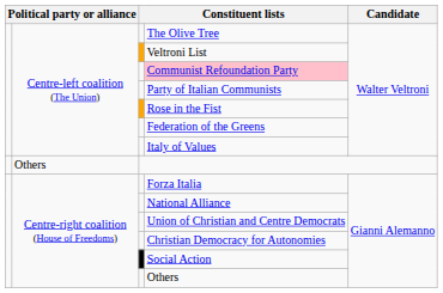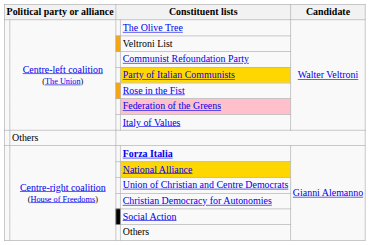 <table class=wikitable style="text-align:left">
 <tr>
 <th colspan=2>Political party or alliance</th>
 <th colspan=2>Constituent lists</th>
 <th>Candidate</th>
 </tr>
 <tr>
 <td rowspan=8 style="background-color:"></td>
 <td rowspan=8 style="text-align:center;"><a href='#'>Centre-left coalition</a><br><small>(<a href='#'>The Union</a>)</small></td>
 <td></td>
 <td style="text-align:left;"><a href='#'>The Olive Tree</a></td>
 <td rowspan=8 style="text-align:center;"><a href='#'>Walter Veltroni</a></td>
 </tr>
 <tr>
 <td bgcolor=#FFA500></td>
 <td style="text-align=left;">Veltroni List</td>
 </tr>
 <tr>
 <td></td>
-<td style="background: pink; text-align:left;"><a href='#'>Communist Refoundation Party</a></td>
+<td style="text-align:left;"><a href='#'>Communist Refoundation Party</a></td>
 </tr>
 <tr>
 <td></td>
-<td style="text-align:left;"><a href='#'>Party of Italian Communists</a></td>
+<td style="background: gold; text-align:left;"><a href='#'>Party of Italian Communists</a></td>
 </tr>
 <tr>
 <td bgcolor="orange"></td>
 <td style="text-align:left;"><a href='#'>Rose in the Fist</a></td>
 </tr>
 <tr>
 <td></td>
-<td style="text-align:left;"><a href='#'>Federation of the Greens</a></td>
+<td style="background: pink; text-align:left;"><a href='#'>Federation of the Greens</a></td>
 </tr>
 <tr>
 <td style="background-color:"></td>
 <td style="text-align:left;"><a href='#'>Italy of Values</a></td>
 </tr>
 <tr>
 </tr>
 <tr>
 <td></td>
 <td style="text-align:left;">Others</td>
 </tr>
 <tr>
 <td rowspan=6 style="background-color:"></td>
 <td rowspan=6 style="text-align:center;"><a href='#'>Centre-right coalition</a><br><small>(<a href='#'>House of Freedoms</a>)</small></td>
 <td></td>
-<td style="text-align:left;"><a href='#'>Forza Italia</a></td>
+<td style="text-align:left;"><strong><a href='#'>Forza Italia</a></strong></td>
 <td rowspan=6 style="text-align:center;"><a href='#'>Gianni Alemanno</a></td>
 </tr>
 <tr>
 <td></td>
-<td style="text-align:left;"><a href='#'>National Alliance</a></td>
+<td style="background: gold; text-align:left;"><a href='#'>National Alliance</a></td>
 </tr>
 <tr>
 <td></td>
 <td style="text-align:left;"><a href='#'>Union of Christian and Centre Democrats</a></td>
 </tr>
 <tr>
 <td></td>
 <td style="text-align:left;"><a href='#'>Christian Democracy for Autonomies</a></td>
 </tr>
 <tr>
 <td bgcolor="black"></td>
 <td style="text-align:left;"><a href='#'>Social Action</a></td>
 </tr>
 <tr>
 <td></td>
 <td style="text-align:left;">Others</td>
 </tr>
 </table>
